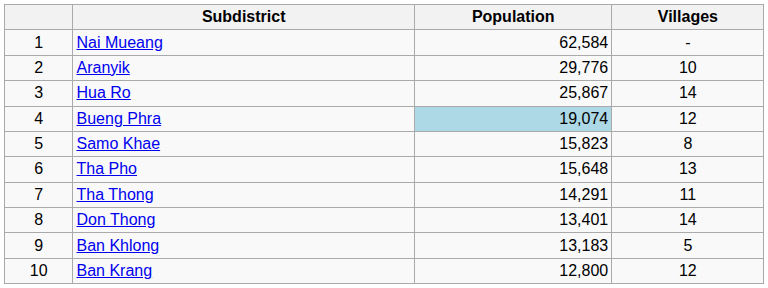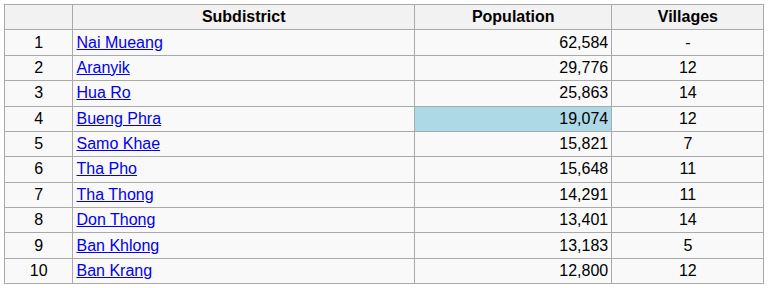 <table class="wikitable" style="width:48%; display:inline-table;">
 <tr>
 <th scope="col" style="width:9%;"> </th>
 <th scope="col" style="width:45%;">Subdistrict</th>
 <th scope="col" style="width:26%;">Population</th>
 <th scope="col" style="width:20%;">Villages</th>
 </tr>
 <tr>
 <td style="text-align:center;">1</td>
 <td><a href='#'>Nai Mueang</a></td>
 <td style="text-align:right;">62,584</td>
 <td style="text-align:center;">-</td>
 </tr>
 <tr>
 <td style="text-align:center;">2</td>
 <td><a href='#'>Aranyik</a></td>
 <td style="text-align:right;">29,776</td>
-<td style="text-align:center;">10</td>
+<td style="text-align:center;">12</td>
 </tr>
 <tr>
 <td style="text-align:center;">3</td>
 <td><a href='#'>Hua Ro</a></td>
-<td style="text-align:right;">25,867</td>
+<td style="text-align:right;">25,863</td>
 <td style="text-align:center;">14</td>
 </tr>
 <tr>
 <td style="text-align:center;">4</td>
 <td><a href='#'>Bueng Phra</a></td>
 <td style="background: lightblue; text-align:right;">19,074</td>
 <td style="text-align:center;">12</td>
 </tr>
 <tr>
 <td style="text-align:center;">5</td>
 <td><a href='#'>Samo Khae</a></td>
-<td style="text-align:right;">15,823</td>
-<td style="text-align:center;">8</td>
+<td style="text-align:right;">15,821</td>
+<td style="text-align:center;">7</td>
 </tr>
 <tr>
 <td style="text-align:center;">6</td>
 <td><a href='#'>Tha Pho</a></td>
 <td style="text-align:right;">15,648</td>
-<td style="text-align:center;">13</td>
+<td style="text-align:center;">11</td>
 </tr>
 <tr>
 <td style="text-align:center;">7</td>
 <td><a href='#'>Tha Thong</a></td>
 <td style="text-align:right;">14,291</td>
 <td style="text-align:center;">11</td>
 </tr>
 <tr>
 <td style="text-align:center;">8</td>
 <td><a href='#'>Don Thong</a></td>
 <td style="text-align:right;">13,401</td>
 <td style="text-align:center;">14</td>
 </tr>
 <tr>
 <td style="text-align:center;">9</td>
 <td><a href='#'>Ban Khlong</a></td>
 <td style="text-align:right;">13,183</td>
 <td style="text-align:center;">5</td>
 </tr>
 <tr>
 <td style="text-align:center;">10</td>
 <td><a href='#'>Ban Krang</a></td>
 <td style="text-align:right;">12,800</td>
 <td style="text-align:center;">12</td>
 </tr>
 </table>
